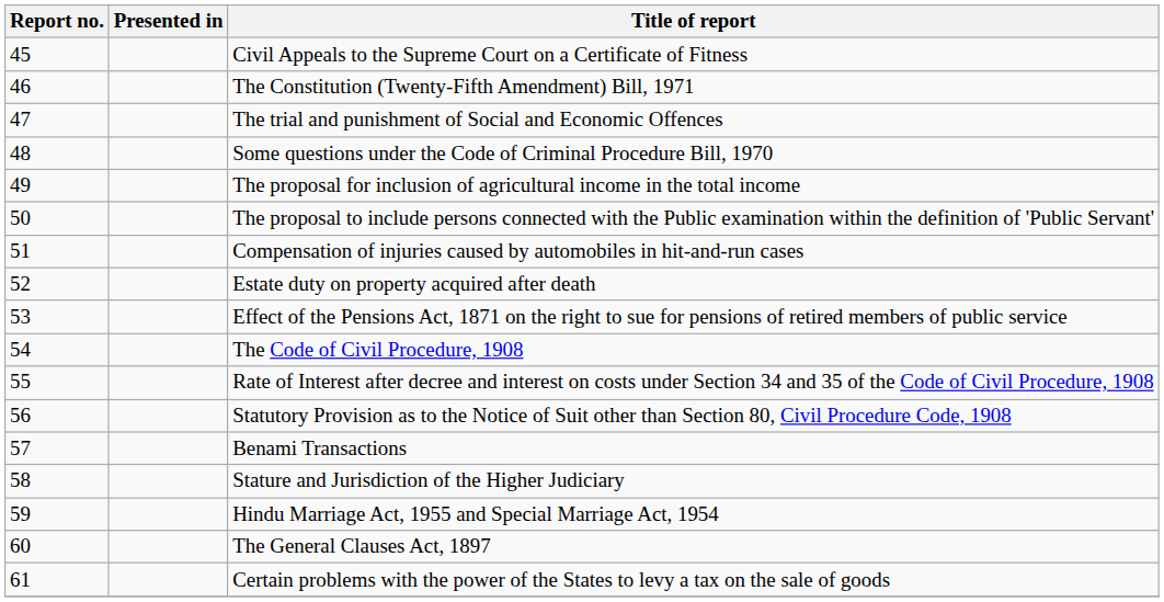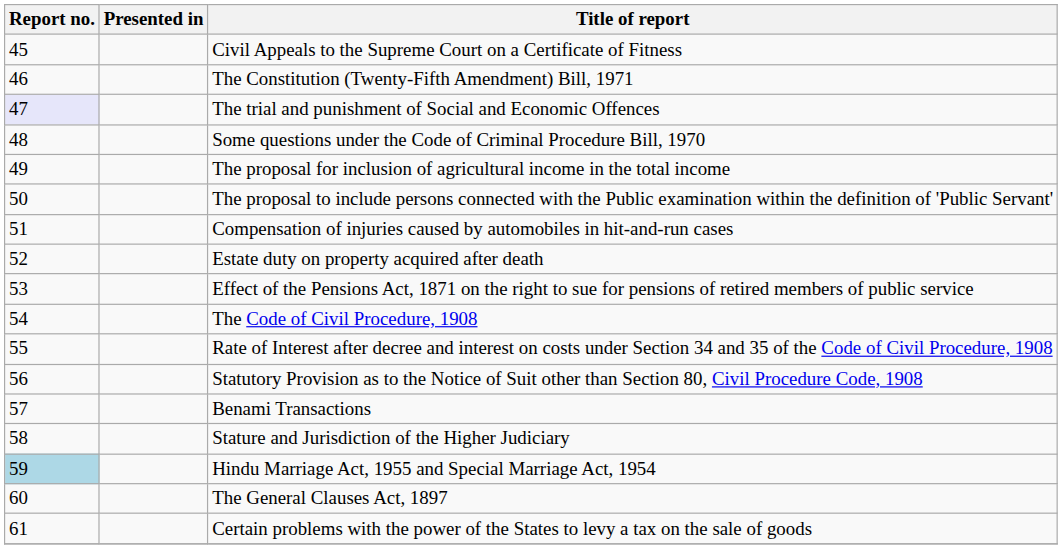 <table class="wikitable">
 <tr>
 <th>Report no.</th>
 <th>Presented in</th>
 <th>Title of report</th>
 </tr>
 <tr>
 <td>45</td>
 <td></td>
 <td>Civil Appeals to the Supreme Court on a Certificate of Fitness</td>
 </tr>
 <tr>
 <td>46</td>
 <td></td>
 <td>The Constitution (Twenty-Fifth Amendment) Bill, 1971</td>
 </tr>
 <tr>
-<td>47</td>
+<td style="background: lavender;">47</td>
 <td></td>
 <td>The trial and punishment of Social and Economic Offences</td>
 </tr>
 <tr>
 <td>48</td>
 <td></td>
 <td>Some questions under the Code of Criminal Procedure Bill, 1970</td>
 </tr>
 <tr>
 <td>49</td>
 <td></td>
 <td>The proposal for inclusion of agricultural income in the total income</td>
 </tr>
 <tr>
 <td>50</td>
 <td></td>
 <td>The proposal to include persons connected with the Public examination within the definition of 'Public Servant'</td>
 </tr>
 <tr>
 <td>51</td>
 <td></td>
 <td>Compensation of injuries caused by automobiles in hit-and-run cases</td>
 </tr>
 <tr>
 <td>52</td>
 <td></td>
 <td>Estate duty on property acquired after death</td>
 </tr>
 <tr>
 <td>53</td>
 <td></td>
 <td>Effect of the Pensions Act, 1871 on the right to sue for pensions of retired members of public service</td>
 </tr>
 <tr>
 <td>54</td>
 <td></td>
 <td>The <a href='#'>Code of Civil Procedure, 1908</a></td>
 </tr>
 <tr>
 <td>55</td>
 <td></td>
 <td>Rate of Interest after decree and interest on costs under Section 34 and 35 of the <a href='#'>Code of Civil Procedure, 1908</a></td>
 </tr>
 <tr>
 <td>56</td>
 <td></td>
 <td>Statutory Provision as to the Notice of Suit other than Section 80, <a href='#'>Civil Procedure Code, 1908</a></td>
 </tr>
 <tr>
 <td>57</td>
 <td></td>
 <td>Benami Transactions</td>
 </tr>
 <tr>
 <td>58</td>
 <td></td>
 <td>Stature and Jurisdiction of the Higher Judiciary</td>
 </tr>
 <tr>
-<td>59</td>
+<td style="background: lightblue;">59</td>
 <td></td>
 <td>Hindu Marriage Act, 1955 and Special Marriage Act, 1954</td>
 </tr>
 <tr>
 <td>60</td>
 <td></td>
 <td>The General Clauses Act, 1897</td>
 </tr>
 <tr>
 <td>61</td>
 <td></td>
 <td>Certain problems with the power of the States to levy a tax on the sale of goods</td>
 </tr>
 <tr>
 </tr>
 </table>
